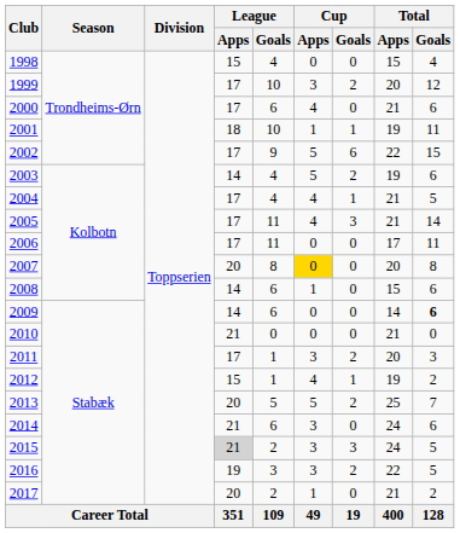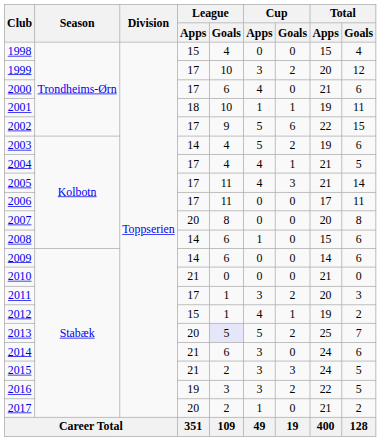 <table class="wikitable" style="text-align: center;">
 <tr>
 <th rowspan="2">Club</th>
 <th rowspan="2">Season</th>
 <th rowspan="2">Division</th>
 <th colspan="2">League</th>
 <th colspan="2">Cup</th>
 <th colspan="2">Total</th>
 </tr>
 <tr>
 <th>Apps</th>
 <th>Goals</th>
 <th>Apps</th>
 <th>Goals</th>
 <th>Apps</th>
 <th>Goals</th>
 </tr>
 <tr>
 <td><a href='#'>1998</a></td>
 <td rowspan="5" valign="center"><a href='#'>Trondheims-Ørn</a></td>
 <td rowspan="20" valign="center"><a href='#'>Toppserien</a></td>
 <td>15</td>
 <td>4</td>
 <td>0</td>
 <td>0</td>
 <td>15</td>
 <td>4</td>
 </tr>
 <tr>
 <td><a href='#'>1999</a></td>
 <td>17</td>
 <td>10</td>
 <td>3</td>
 <td>2</td>
 <td>20</td>
 <td>12</td>
 </tr>
 <tr>
 <td><a href='#'>2000</a></td>
 <td>17</td>
 <td>6</td>
 <td>4</td>
 <td>0</td>
 <td>21</td>
 <td>6</td>
 </tr>
 <tr>
 <td><a href='#'>2001</a></td>
 <td>18</td>
 <td>10</td>
 <td>1</td>
 <td>1</td>
 <td>19</td>
 <td>11</td>
 </tr>
 <tr>
 <td><a href='#'>2002</a></td>
 <td>17</td>
 <td>9</td>
 <td>5</td>
 <td>6</td>
 <td>22</td>
 <td>15</td>
 </tr>
 <tr>
 <td><a href='#'>2003</a></td>
 <td rowspan="6" valign="center"><a href='#'>Kolbotn</a></td>
 <td>14</td>
 <td>4</td>
 <td>5</td>
 <td>2</td>
 <td>19</td>
 <td>6</td>
 </tr>
 <tr>
 <td><a href='#'>2004</a></td>
 <td>17</td>
 <td>4</td>
 <td>4</td>
 <td>1</td>
 <td>21</td>
 <td>5</td>
 </tr>
 <tr>
 <td><a href='#'>2005</a></td>
 <td>17</td>
 <td>11</td>
 <td>4</td>
 <td>3</td>
 <td>21</td>
 <td>14</td>
 </tr>
 <tr>
 <td><a href='#'>2006</a></td>
 <td>17</td>
 <td>11</td>
 <td>0</td>
 <td>0</td>
 <td>17</td>
 <td>11</td>
 </tr>
 <tr>
 <td><a href='#'>2007</a></td>
 <td>20</td>
 <td>8</td>
-<td style="background: gold;">0</td>
+<td>0</td>
 <td>0</td>
 <td>20</td>
 <td>8</td>
 </tr>
 <tr>
 <td><a href='#'>2008</a></td>
 <td>14</td>
 <td>6</td>
 <td>1</td>
 <td>0</td>
 <td>15</td>
 <td>6</td>
 </tr>
 <tr>
 <td><a href='#'>2009</a></td>
 <td rowspan="9" valign="center"><a href='#'>Stabæk</a></td>
 <td>14</td>
 <td>6</td>
 <td>0</td>
 <td>0</td>
 <td>14</td>
-<td><strong>6</strong></td>
+<td>6</td>
 </tr>
 <tr>
 <td><a href='#'>2010</a></td>
 <td>21</td>
 <td>0</td>
 <td>0</td>
 <td>0</td>
 <td>21</td>
 <td>0</td>
 </tr>
 <tr>
 <td><a href='#'>2011</a></td>
 <td>17</td>
 <td>1</td>
 <td>3</td>
 <td>2</td>
 <td>20</td>
 <td>3</td>
 </tr>
 <tr>
 <td><a href='#'>2012</a></td>
 <td>15</td>
 <td>1</td>
 <td>4</td>
 <td>1</td>
 <td>19</td>
 <td>2</td>
 </tr>
 <tr>
 <td><a href='#'>2013</a></td>
 <td>20</td>
-<td>5</td>
+<td style="background: lavender;">5</td>
 <td>5</td>
 <td>2</td>
 <td>25</td>
 <td>7</td>
 </tr>
 <tr>
 <td><a href='#'>2014</a></td>
 <td>21</td>
 <td>6</td>
 <td>3</td>
 <td>0</td>
 <td>24</td>
 <td>6</td>
 </tr>
 <tr>
 <td><a href='#'>2015</a></td>
-<td style="background: lightgrey;">21</td>
+<td>21</td>
 <td>2</td>
 <td>3</td>
 <td>3</td>
 <td>24</td>
 <td>5</td>
 </tr>
 <tr>
 <td><a href='#'>2016</a></td>
 <td>19</td>
 <td>3</td>
 <td>3</td>
 <td>2</td>
 <td>22</td>
 <td>5</td>
 </tr>
 <tr>
 <td><a href='#'>2017</a></td>
 <td>20</td>
 <td>2</td>
 <td>1</td>
 <td>0</td>
 <td>21</td>
 <td>2</td>
 </tr>
 <tr>
 <th colspan="3">Career Total</th>
 <th>351</th>
 <th>109</th>
 <th>49</th>
 <th>19</th>
 <th>400</th>
 <th>128</th>
 </tr>
 </table>
